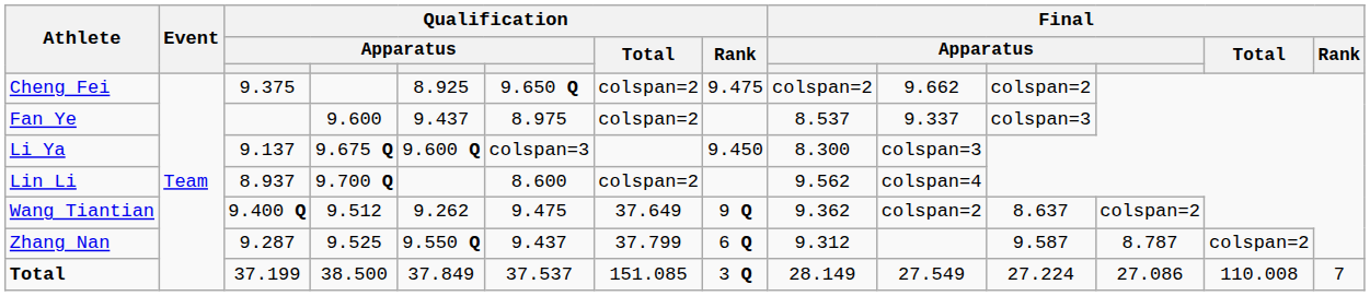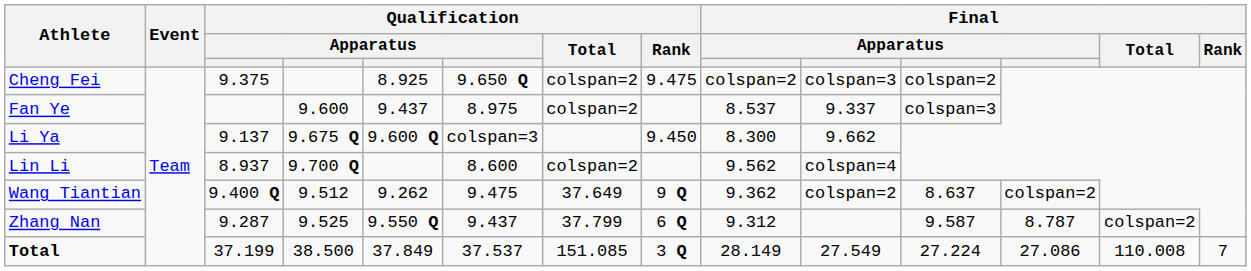 <table class="wikitable" style="font-size:90%">
 <tr>
 <th rowspan=3>Athlete</th>
 <th rowspan=3>Event</th>
 <th colspan=6>Qualification</th>
 <th colspan=6>Final</th>
 </tr>
 <tr style="font-size:95%">
 <th colspan=4>Apparatus</th>
 <th rowspan=2>Total</th>
 <th rowspan=2>Rank</th>
 <th colspan=4>Apparatus</th>
 <th rowspan=2>Total</th>
 <th rowspan=2>Rank</th>
 </tr>
 <tr style="font-size:95%">
 <th></th>
 <th></th>
 <th></th>
 <th></th>
 <th></th>
 <th></th>
 <th></th>
 <th></th>
 </tr>
 <tr align=center>
 <td align=left><a href='#'>Cheng Fei</a></td>
 <td style="text-align:left;" rowspan="7"><a href='#'>Team</a></td>
 <td>9.375</td>
 <td></td>
 <td>8.925</td>
 <td>9.650 <strong>Q</strong></td>
 <td>colspan=2 </td>
 <td>9.475</td>
 <td>colspan=2 </td>
-<td>9.662</td>
+<td>colspan=3 </td>
 <td>colspan=2 </td>
 </tr>
 <tr align=center>
 <td align=left><a href='#'>Fan Ye</a></td>
 <td></td>
 <td>9.600</td>
 <td>9.437</td>
 <td>8.975</td>
 <td>colspan=2 </td>
 <td></td>
 <td>8.537</td>
 <td>9.337</td>
 <td>colspan=3 </td>
 </tr>
 <tr align=center>
 <td align=left><a href='#'>Li Ya</a></td>
 <td>9.137</td>
 <td>9.675 <strong>Q</strong></td>
 <td>9.600 <strong>Q</strong></td>
 <td>colspan=3 </td>
 <td></td>
 <td>9.450</td>
 <td>8.300</td>
-<td>colspan=3 </td>
+<td>9.662</td>
 </tr>
 <tr align=center>
 <td align=left><a href='#'>Lin Li</a></td>
 <td>8.937</td>
 <td>9.700 <strong>Q</strong></td>
 <td></td>
 <td>8.600</td>
 <td>colspan=2 </td>
 <td></td>
 <td>9.562</td>
 <td>colspan=4 </td>
 </tr>
 <tr align=center>
 <td align=left><a href='#'>Wang Tiantian</a></td>
 <td>9.400 <strong>Q</strong></td>
 <td>9.512</td>
 <td>9.262</td>
 <td>9.475</td>
 <td>37.649</td>
 <td>9 <strong>Q</strong></td>
 <td>9.362</td>
 <td>colspan=2 </td>
 <td>8.637</td>
 <td>colspan=2 </td>
 </tr>
 <tr align=center>
 <td align=left><a href='#'>Zhang Nan</a></td>
 <td>9.287</td>
 <td>9.525</td>
 <td>9.550 <strong>Q</strong></td>
 <td>9.437</td>
 <td>37.799</td>
 <td>6 <strong>Q</strong></td>
 <td>9.312</td>
 <td></td>
 <td>9.587</td>
 <td>8.787</td>
 <td>colspan=2 </td>
 </tr>
 <tr align=center>
 <td align=left><strong>Total</strong></td>
 <td>37.199</td>
 <td>38.500</td>
 <td>37.849</td>
 <td>37.537</td>
 <td>151.085</td>
 <td>3 <strong>Q</strong></td>
 <td>28.149</td>
 <td>27.549</td>
 <td>27.224</td>
 <td>27.086</td>
 <td>110.008</td>
 <td>7</td>
 </tr>
 </table>
